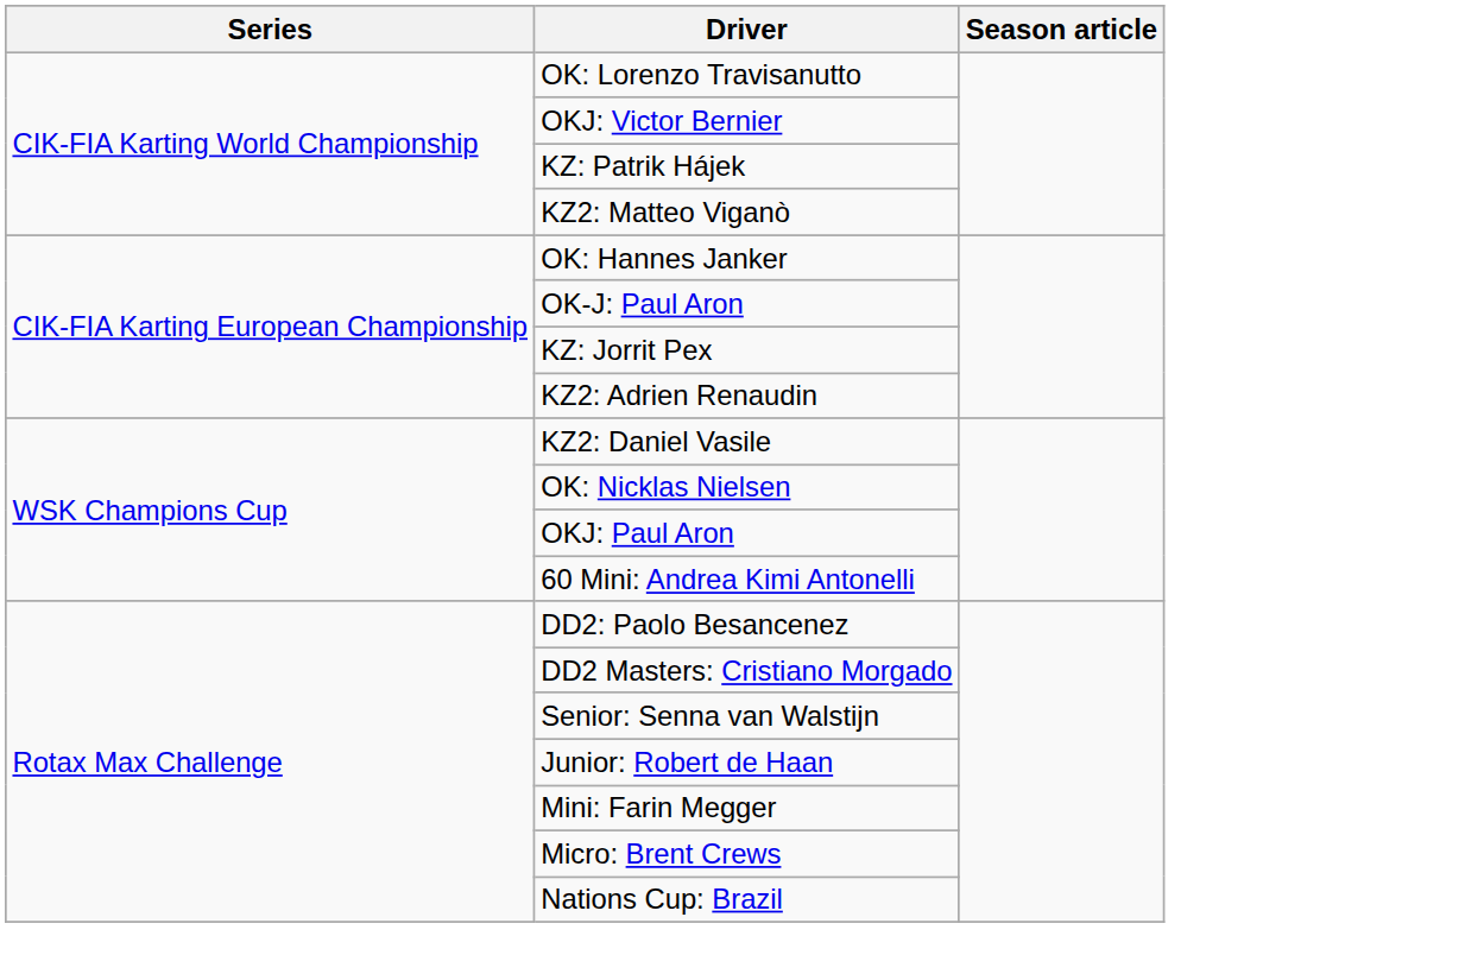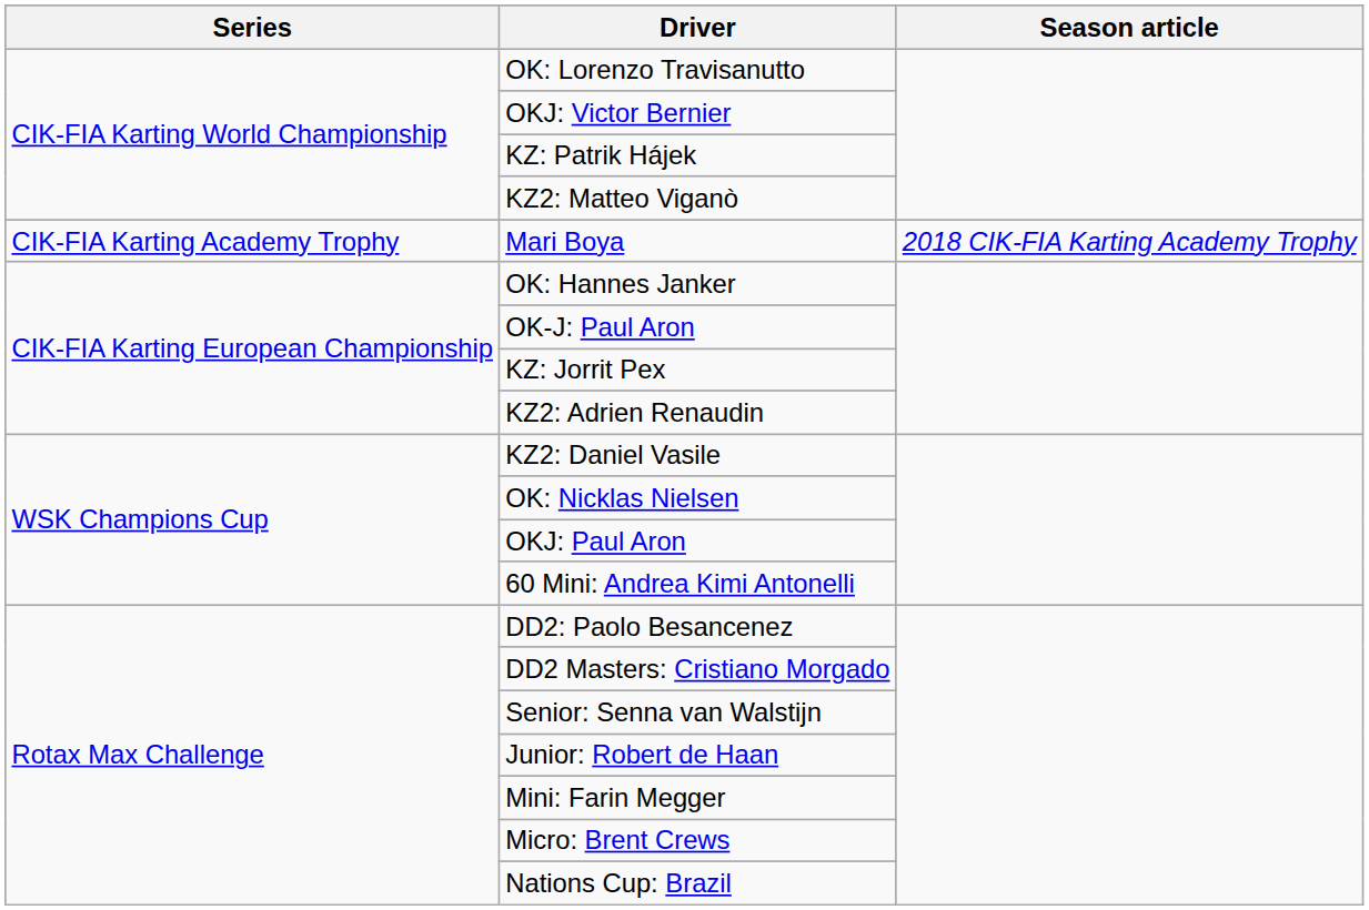 <table class="wikitable" style="font-size: 87%;">
 <tr>
 <th>Series</th>
 <th>Driver</th>
 <th>Season article</th>
 </tr>
 <tr>
 <td rowspan=4><a href='#'>CIK-FIA Karting World Championship</a></td>
 <td>OK:  Lorenzo Travisanutto</td>
 <td rowspan=4></td>
 </tr>
 <tr>
 <td>OKJ:  <a href='#'>Victor Bernier</a></td>
 </tr>
 <tr>
 <td>KZ:  Patrik Hájek</td>
 </tr>
 <tr>
 <td>KZ2:  Matteo Viganò</td>
+</tr>
+<tr>
+<td><a href='#'>CIK-FIA Karting Academy Trophy</a></td>
+<td> <a href='#'>Mari Boya</a></td>
+<td><em><a href='#'>2018 CIK-FIA Karting Academy Trophy</a></em></td>
 </tr>
 <tr>
 <td rowspan=4><a href='#'>CIK-FIA Karting European Championship</a></td>
 <td>OK:  Hannes Janker</td>
 <td rowspan=4></td>
 </tr>
 <tr>
 <td>OK-J:  <a href='#'>Paul Aron</a></td>
 </tr>
 <tr>
 <td>KZ:  Jorrit Pex</td>
 </tr>
 <tr>
 <td>KZ2:  Adrien Renaudin</td>
 </tr>
 <tr>
 <td rowspan=4><a href='#'>WSK Champions Cup</a></td>
 <td>KZ2:  Daniel Vasile</td>
 <td rowspan=4></td>
 </tr>
 <tr>
 <td>OK:  <a href='#'>Nicklas Nielsen</a></td>
 </tr>
 <tr>
 <td>OKJ:  <a href='#'>Paul Aron</a></td>
 </tr>
 <tr>
 <td>60 Mini:  <a href='#'>Andrea Kimi Antonelli</a></td>
 </tr>
 <tr>
 <td rowspan=7><a href='#'>Rotax Max Challenge</a></td>
 <td>DD2:  Paolo Besancenez</td>
 <td rowspan=7></td>
 </tr>
 <tr>
 <td>DD2 Masters:  <a href='#'>Cristiano Morgado</a></td>
 </tr>
 <tr>
 <td>Senior:  Senna van Walstijn</td>
 </tr>
 <tr>
 <td>Junior:  <a href='#'>Robert de Haan</a></td>
 </tr>
 <tr>
 <td>Mini:  Farin Megger</td>
 </tr>
 <tr>
 <td>Micro:  <a href='#'>Brent Crews</a></td>
 </tr>
 <tr>
 <td>Nations Cup:  <a href='#'>Brazil</a></td>
 </tr>
 </table>
